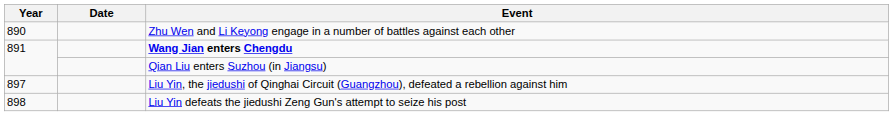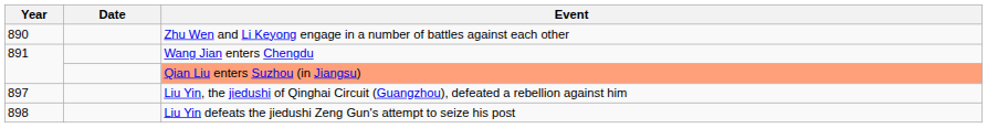 <table class="wikitable" width="100%">
 <tr>
 <th style="width:6%">Year</th>
 <th style="width:10%">Date</th>
 <th>Event</th>
 </tr>
 <tr>
 <td>890</td>
 <td></td>
 <td><a href='#'>Zhu Wen</a> and <a href='#'>Li Keyong</a> engage in  a number of battles against each other</td>
 </tr>
 <tr>
 <td rowspan="2" valign="top">891</td>
 <td></td>
-<td><strong><a href='#'>Wang Jian</a> enters <a href='#'>Chengdu</a></strong></td>
+<td><a href='#'>Wang Jian</a> enters <a href='#'>Chengdu</a></td>
 </tr>
 <tr>
 <td></td>
-<td><a href='#'>Qian Liu</a> enters <a href='#'>Suzhou</a> (in <a href='#'>Jiangsu</a>)</td>
+<td style="background: lightsalmon;"><a href='#'>Qian Liu</a> enters <a href='#'>Suzhou</a> (in <a href='#'>Jiangsu</a>)</td>
 </tr>
 <tr>
 <td>897</td>
 <td></td>
 <td><a href='#'>Liu Yin</a>, the <a href='#'>jiedushi</a> of Qinghai Circuit (<a href='#'>Guangzhou</a>), defeated a rebellion against him</td>
 </tr>
 <tr>
 <td>898</td>
 <td></td>
 <td><a href='#'>Liu Yin</a> defeats the jiedushi Zeng Gun's attempt to seize his post</td>
 </tr>
 </table>
